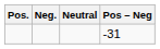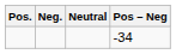 <table class="wikitable floatright" style="border:1px black; float:right; margin-left:1em;">
 <tr>
 <th><small>Pos.</small></th>
 <th><small>Neg.</small></th>
 <th><small>Neutral</small></th>
 <th><small>Pos – Neg</small></th>
 </tr>
 <tr>
 <td></td>
 <td></td>
 <td></td>
-<td><span>-31</span></td>
+<td><span>-34</span></td>
 </tr>
 </table>
